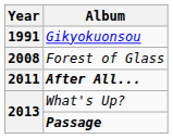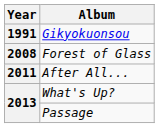 <table class="wikitable sortable" width="auto">
 <tr>
 <th scope="col">Year</th>
 <th scope="col">Album</th>
 </tr>
 <tr>
 <th>1991</th>
 <td><em><a href='#'>Gikyokuonsou</a></em></td>
 </tr>
 <tr>
 <th>2008</th>
 <td><em>Forest of Glass</em></td>
 </tr>
 <tr>
 <th>2011</th>
-<td><strong><em>After All...</em></strong></td>
+<td><em>After All...</em></td>
 </tr>
 <tr>
 <th rowspan="2">2013</th>
 <td><em>What's Up?</em></td>
 </tr>
 <tr>
-<td><strong><em>Passage</em></strong></td>
+<td><em>Passage</em></td>
 </tr>
 </table>
